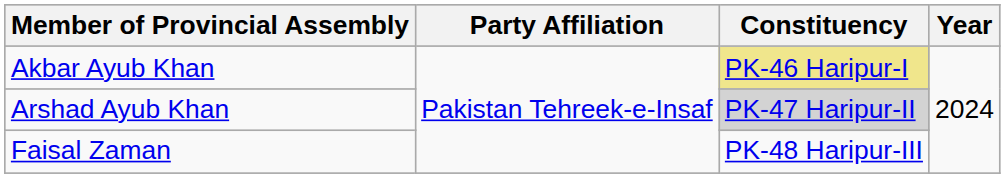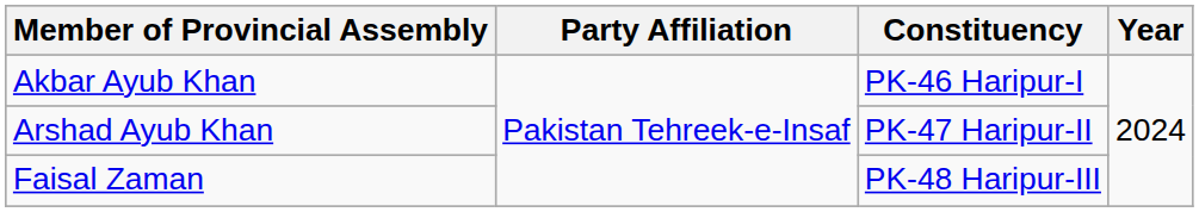 <table class="wikitable sortable">
 <tr>
 <th>Member of Provincial Assembly</th>
 <th>Party Affiliation</th>
 <th>Constituency</th>
 <th>Year</th>
 </tr>
 <tr>
 <td><a href='#'>Akbar Ayub Khan</a></td>
 <td rowspan="3"><a href='#'>Pakistan Tehreek-e-Insaf</a></td>
-<td style="background: khaki;"><a href='#'>PK-46 Haripur-I</a></td>
+<td><a href='#'>PK-46 Haripur-I</a></td>
 <td rowspan="3">2024</td>
 </tr>
 <tr>
 <td><a href='#'>Arshad Ayub Khan</a></td>
-<td style="background: lightgrey;"><a href='#'>PK-47 Haripur-II</a></td>
+<td><a href='#'>PK-47 Haripur-II</a></td>
 </tr>
 <tr>
 <td><a href='#'>Faisal Zaman</a></td>
 <td><a href='#'>PK-48 Haripur-III</a></td>
 </tr>
 </table>
